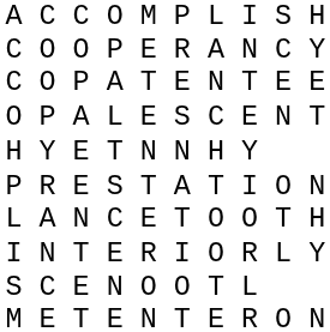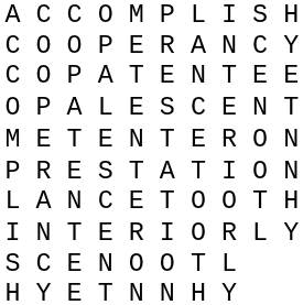 <table style="font-family: monospace; margin: 0 0 0 0; line-height:90%">
 <tr>
 <td style="padding-left: 2em;">A C C O M P L I S H</td>
 </tr>
 <tr>
 <td style="padding-left: 2em;">C O O P E R A N C Y</td>
 </tr>
 <tr>
 <td style="padding-left: 2em;">C O P A T E N T E E</td>
 </tr>
 <tr>
 <td style="padding-left: 2em;">O P A L E S C E N T</td>
 </tr>
 <tr>
-<td style="padding-left: 2em;">H Y E T N N H Y</td>
+<td style="padding-left: 2em;">M E T E N T E R O N</td>
 </tr>
 <tr>
 <td style="padding-left: 2em;">P R E S T A T I O N</td>
 </tr>
 <tr>
 <td style="padding-left: 2em;">L A N C E T O O T H</td>
 </tr>
 <tr>
 <td style="padding-left: 2em;">I N T E R I O R L Y</td>
 </tr>
 <tr>
 <td style="padding-left: 2em;">S C E N O O T L</td>
 </tr>
 <tr>
-<td style="padding-left: 2em;">M E T E N T E R O N</td>
+<td style="padding-left: 2em;">H Y E T N N H Y</td>
 </tr>
 </table>
